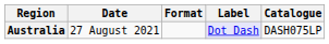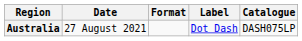 <table class="wikitable plainrowheaders">
 <tr>
 <th scope="col">Region</th>
 <th scope="col">Date</th>
 <th scope="col">Format</th>
 <th scope="col">Label</th>
 <th scope="col">Catalogue</th>
 </tr>
 <tr>
 <th scope="row">Australia</th>
 <td>27 August 2021</td>
 <td rowspan="2"></td>
-<td style="background: lavender;"><a href='#'>Dot Dash</a></td>
+<td><a href='#'>Dot Dash</a></td>
 <td>DASH075LP</td>
 </tr>
 </table>
